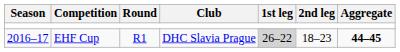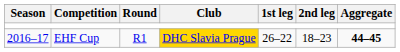 <table class="wikitable">
 <tr>
 <th>Season</th>
 <th>Competition</th>
 <th>Round</th>
 <th>Club</th>
 <th>1st leg</th>
 <th>2nd leg</th>
 <th>Aggregate</th>
 </tr>
 <tr>
 <td colspan="7" bgcolor=white></td>
 </tr>
 <tr>
 <td><a href='#'>2016–17</a></td>
 <td><a href='#'>EHF Cup</a></td>
 <td style="text-align:center;"><a href='#'>R1</a></td>
-<td> <a href='#'>DHC Slavia Prague</a></td>
-<td style="background: lightgrey; text-align:center;">26–22</td>
+<td style="background: gold;"> <a href='#'>DHC Slavia Prague</a></td>
+<td style="text-align:center;">26–22</td>
 <td style="text-align:center;">18–23</td>
 <td style="text-align:center;"><strong>44–45</strong></td>
 </tr>
 </table>
